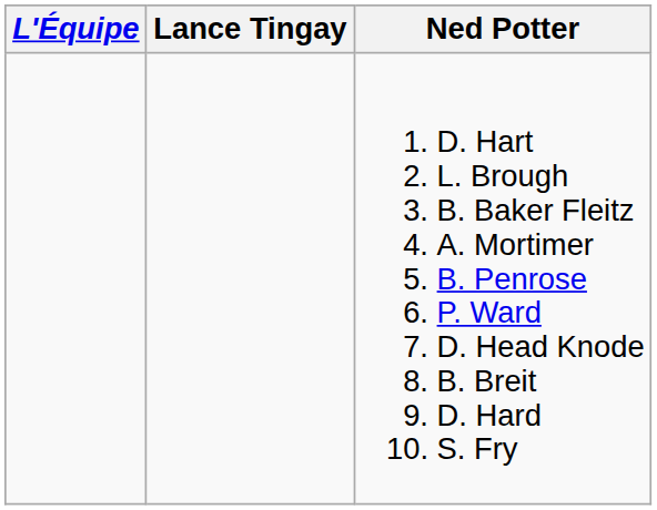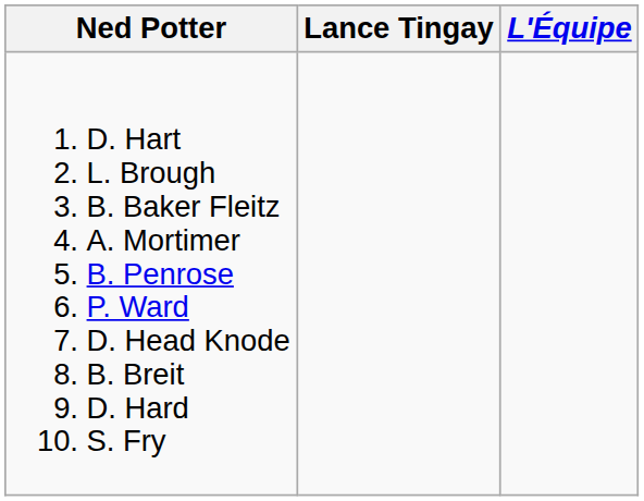 <table class="wikitable">
 <tr>
+<th>Ned Potter</th>
+<th>Lance Tingay<strong></strong></th>
 <th><em><a href='#'>L'Équipe</a></em></th>
-<th>Lance Tingay<strong></strong></th>
-<th>Ned Potter</th>
 </tr>
 <tr style="vertical-align: top;">
+<td style="white-space: nowrap;"><br><ol><li> D. Hart</li><li> L. Brough</li><li> B. Baker Fleitz</li><li> A. Mortimer</li><li> <a href='#'>B. Penrose</a></li><li> <a href='#'>P. Ward</a></li><li> D. Head Knode</li><li> B. Breit</li><li> D. Hard</li><li> S. Fry</li></ol></td>
 <td></td>
 <td></td>
-<td style="white-space: nowrap;"><br><ol><li> D. Hart</li><li> L. Brough</li><li> B. Baker Fleitz</li><li> A. Mortimer</li><li> <a href='#'>B. Penrose</a></li><li> <a href='#'>P. Ward</a></li><li> D. Head Knode</li><li> B. Breit</li><li> D. Hard</li><li> S. Fry</li></ol></td>
 </tr>
 </table>
